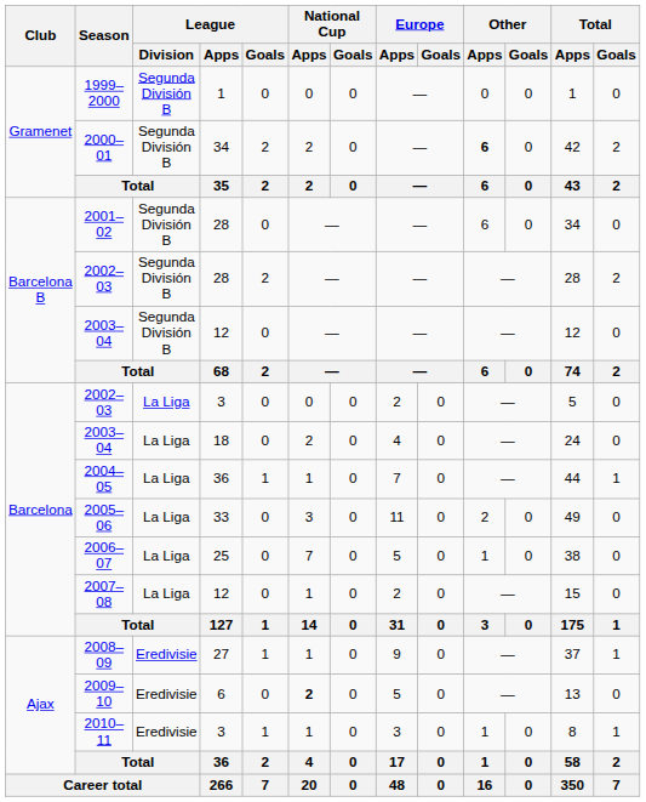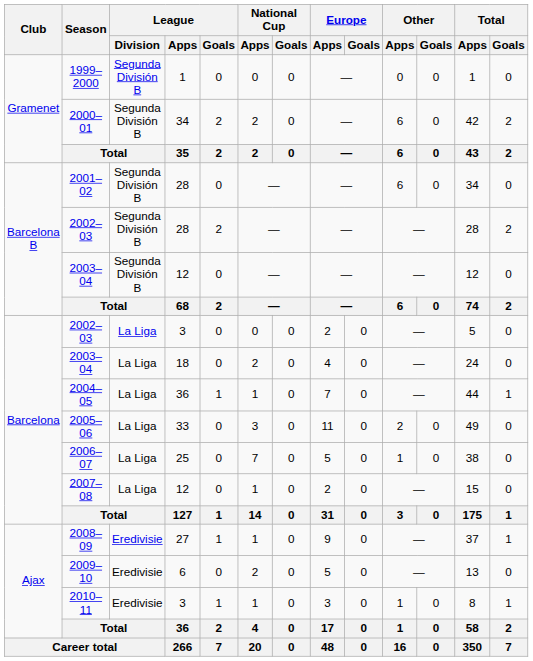 <table class="wikitable" style="text-align: center;">
 <tr>
 <th rowspan="2">Club</th>
 <th rowspan="2">Season</th>
 <th colspan="3">League</th>
 <th colspan="2">National Cup</th>
 <th colspan="2"><a href='#'>Europe</a></th>
 <th colspan="2">Other</th>
 <th colspan="2">Total</th>
 </tr>
 <tr>
 <th>Division</th>
 <th>Apps</th>
 <th>Goals</th>
 <th>Apps</th>
 <th>Goals</th>
 <th>Apps</th>
 <th>Goals</th>
 <th>Apps</th>
 <th>Goals</th>
 <th>Apps</th>
 <th>Goals</th>
 </tr>
 <tr>
 <td rowspan="3" align=center valign=center><a href='#'>Gramenet</a></td>
 <td><a href='#'>1999–2000</a></td>
 <td><a href='#'>Segunda División B</a></td>
 <td>1</td>
 <td>0</td>
 <td>0</td>
 <td>0</td>
 <td colspan="2">—</td>
 <td>0</td>
 <td>0</td>
 <td>1</td>
 <td>0</td>
 </tr>
 <tr>
 <td><a href='#'>2000–01</a></td>
 <td>Segunda División B</td>
 <td>34</td>
 <td>2</td>
 <td>2</td>
 <td>0</td>
 <td colspan="2">—</td>
-<td><strong>6</strong></td>
+<td>6</td>
 <td>0</td>
 <td>42</td>
 <td>2</td>
 </tr>
 <tr>
 <th colspan="2">Total</th>
 <th>35</th>
 <th>2</th>
 <th>2</th>
 <th>0</th>
 <th colspan="2">—</th>
 <th>6</th>
 <th>0</th>
 <th>43</th>
 <th>2</th>
 </tr>
 <tr>
 <td rowspan="4" align=center valign=center><a href='#'>Barcelona B</a></td>
 <td><a href='#'>2001–02</a></td>
 <td>Segunda División B</td>
 <td>28</td>
 <td>0</td>
 <td colspan="2">—</td>
 <td colspan="2">—</td>
 <td>6</td>
 <td>0</td>
 <td>34</td>
 <td>0</td>
 </tr>
 <tr>
 <td><a href='#'>2002–03</a></td>
 <td>Segunda División B</td>
 <td>28</td>
 <td>2</td>
 <td colspan="2">—</td>
 <td colspan="2">—</td>
 <td colspan="2">—</td>
 <td>28</td>
 <td>2</td>
 </tr>
 <tr>
 <td><a href='#'>2003–04</a></td>
 <td>Segunda División B</td>
 <td>12</td>
 <td>0</td>
 <td colspan="2">—</td>
 <td colspan="2">—</td>
 <td colspan="2">—</td>
 <td>12</td>
 <td>0</td>
 </tr>
 <tr>
 <th colspan="2">Total</th>
 <th>68</th>
 <th>2</th>
 <th colspan="2">—</th>
 <th colspan="2">—</th>
 <th>6</th>
 <th>0</th>
 <th>74</th>
 <th>2</th>
 </tr>
 <tr>
 <td rowspan="7" align=center valign=center><a href='#'>Barcelona</a></td>
 <td><a href='#'>2002–03</a></td>
 <td><a href='#'>La Liga</a></td>
 <td>3</td>
 <td>0</td>
 <td>0</td>
 <td>0</td>
 <td>2</td>
 <td>0</td>
 <td colspan="2">—</td>
 <td>5</td>
 <td>0</td>
 </tr>
 <tr>
 <td><a href='#'>2003–04</a></td>
 <td>La Liga</td>
 <td>18</td>
 <td>0</td>
 <td>2</td>
 <td>0</td>
 <td>4</td>
 <td>0</td>
 <td colspan="2">—</td>
 <td>24</td>
 <td>0</td>
 </tr>
 <tr>
 <td><a href='#'>2004–05</a></td>
 <td>La Liga</td>
 <td>36</td>
 <td>1</td>
 <td>1</td>
 <td>0</td>
 <td>7</td>
 <td>0</td>
 <td colspan="2">—</td>
 <td>44</td>
 <td>1</td>
 </tr>
 <tr>
 <td><a href='#'>2005–06</a></td>
 <td>La Liga</td>
 <td>33</td>
 <td>0</td>
 <td>3</td>
 <td>0</td>
 <td>11</td>
 <td>0</td>
 <td>2</td>
 <td>0</td>
 <td>49</td>
 <td>0</td>
 </tr>
 <tr>
 <td><a href='#'>2006–07</a></td>
 <td>La Liga</td>
 <td>25</td>
 <td>0</td>
 <td>7</td>
 <td>0</td>
 <td>5</td>
 <td>0</td>
 <td>1</td>
 <td>0</td>
 <td>38</td>
 <td>0</td>
 </tr>
 <tr>
 <td><a href='#'>2007–08</a></td>
 <td>La Liga</td>
 <td>12</td>
 <td>0</td>
 <td>1</td>
 <td>0</td>
 <td>2</td>
 <td>0</td>
 <td colspan="2">—</td>
 <td>15</td>
 <td>0</td>
 </tr>
 <tr>
 <th colspan="2">Total</th>
 <th>127</th>
 <th>1</th>
 <th>14</th>
 <th>0</th>
 <th>31</th>
 <th>0</th>
 <th>3</th>
 <th>0</th>
 <th>175</th>
 <th>1</th>
 </tr>
 <tr>
 <td rowspan="4" align=center valign=center><a href='#'>Ajax</a></td>
 <td><a href='#'>2008–09</a></td>
 <td><a href='#'>Eredivisie</a></td>
 <td>27</td>
 <td>1</td>
 <td>1</td>
 <td>0</td>
 <td>9</td>
 <td>0</td>
 <td colspan="2">—</td>
 <td>37</td>
 <td>1</td>
 </tr>
 <tr>
 <td><a href='#'>2009–10</a></td>
 <td>Eredivisie</td>
 <td>6</td>
 <td>0</td>
-<td><strong>2</strong></td>
+<td>2</td>
 <td>0</td>
 <td>5</td>
 <td>0</td>
 <td colspan="2">—</td>
 <td>13</td>
 <td>0</td>
 </tr>
 <tr>
 <td><a href='#'>2010–11</a></td>
 <td>Eredivisie</td>
 <td>3</td>
 <td>1</td>
 <td>1</td>
 <td>0</td>
 <td>3</td>
 <td>0</td>
 <td>1</td>
 <td>0</td>
 <td>8</td>
 <td>1</td>
 </tr>
 <tr>
 <th colspan="2">Total</th>
 <th>36</th>
 <th>2</th>
 <th>4</th>
 <th>0</th>
 <th>17</th>
 <th>0</th>
 <th>1</th>
 <th>0</th>
 <th>58</th>
 <th>2</th>
 </tr>
 <tr>
 <th colspan="3">Career total</th>
 <th>266</th>
 <th>7</th>
 <th>20</th>
 <th>0</th>
 <th>48</th>
 <th>0</th>
 <th>16</th>
 <th>0</th>
 <th>350</th>
 <th>7</th>
 </tr>
 </table>
